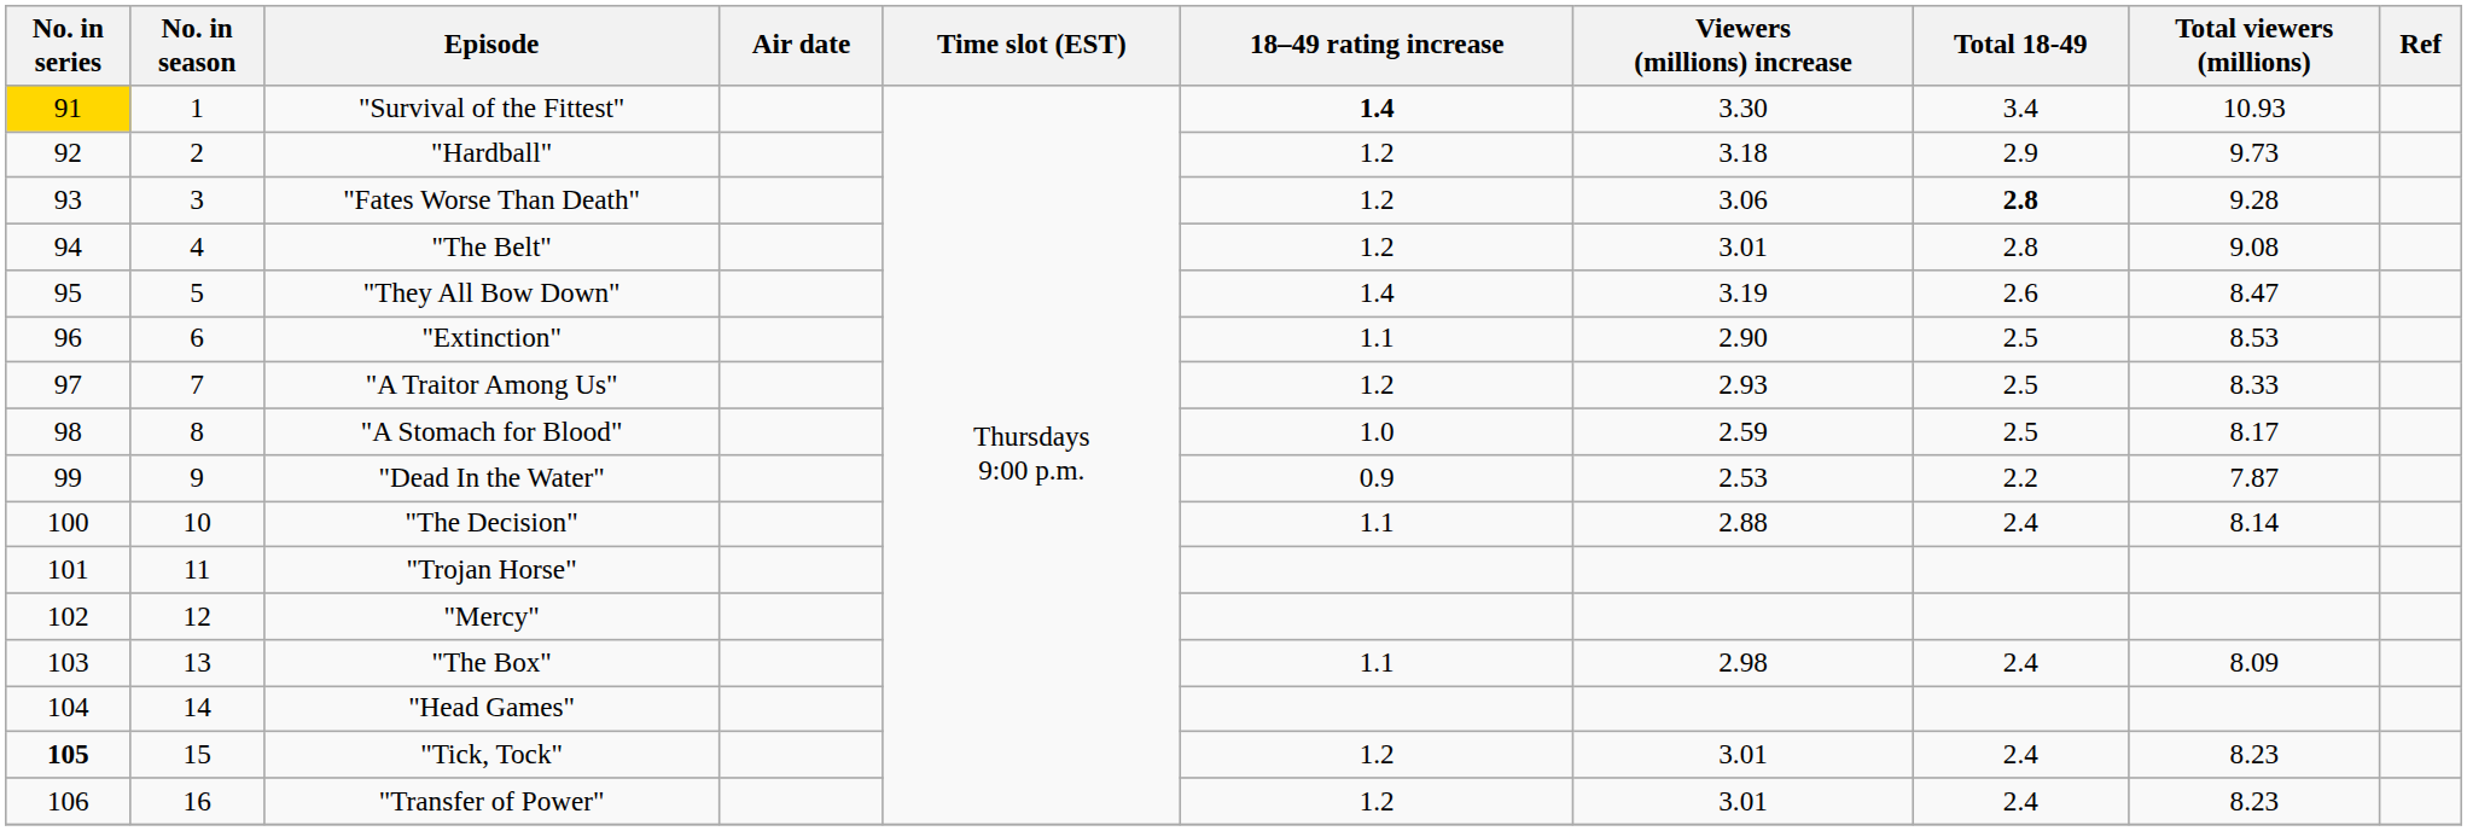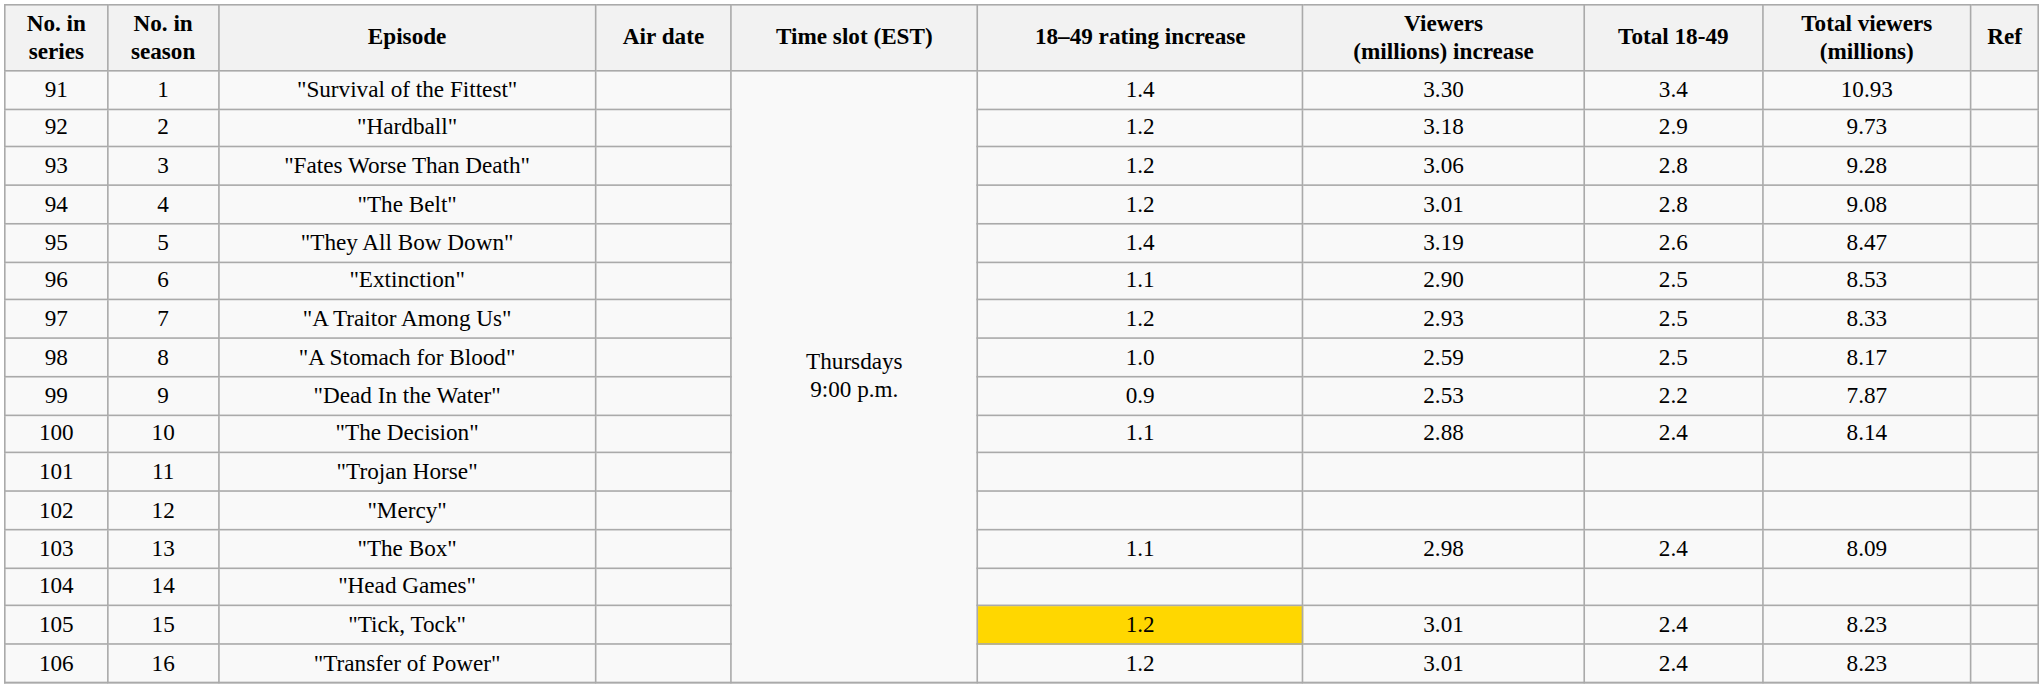 <table class="wikitable" style="font-size:90%; text-align:center; width: 100%; margin-left: auto; margin-right: auto;">
 <tr>
 <th>No. in<br>series</th>
 <th>No. in<br>season</th>
 <th>Episode</th>
 <th>Air date</th>
 <th>Time slot (EST)</th>
 <th>18–49 rating increase</th>
 <th>Viewers<br>(millions) increase</th>
 <th>Total 18-49</th>
 <th>Total viewers<br>(millions)</th>
 <th>Ref</th>
 </tr>
 <tr>
-<td style="background: gold; text-align:center">91</td>
+<td style="text-align:center">91</td>
 <td style="text-align:center">1</td>
 <td>"Survival of the Fittest"</td>
 <td></td>
 <td style="text-align:center" rowspan=16>Thursdays<br>9:00 p.m.</td>
-<td><strong>1.4</strong></td>
+<td>1.4</td>
 <td>3.30</td>
 <td>3.4</td>
 <td>10.93</td>
 <td></td>
 </tr>
 <tr>
 <td style="text-align:center">92</td>
 <td style="text-align:center">2</td>
 <td>"Hardball"</td>
 <td></td>
 <td>1.2</td>
 <td>3.18</td>
 <td>2.9</td>
 <td>9.73</td>
 <td></td>
 </tr>
 <tr>
 <td style="text-align:center">93</td>
 <td style="text-align:center">3</td>
 <td>"Fates Worse Than Death"</td>
 <td></td>
 <td>1.2</td>
 <td>3.06</td>
-<td><strong>2.8</strong></td>
+<td>2.8</td>
 <td>9.28</td>
 <td></td>
 </tr>
 <tr>
 <td style="text-align:center">94</td>
 <td style="text-align:center">4</td>
 <td>"The Belt"</td>
 <td></td>
 <td>1.2</td>
 <td>3.01</td>
 <td>2.8</td>
 <td>9.08</td>
 <td></td>
 </tr>
 <tr>
 <td style="text-align:center">95</td>
 <td style="text-align:center">5</td>
 <td>"They All Bow Down"</td>
 <td></td>
 <td>1.4</td>
 <td>3.19</td>
 <td>2.6</td>
 <td>8.47</td>
 <td></td>
 </tr>
 <tr>
 <td style="text-align:center">96</td>
 <td style="text-align:center">6</td>
 <td>"Extinction"</td>
 <td></td>
 <td>1.1</td>
 <td>2.90</td>
 <td>2.5</td>
 <td>8.53</td>
 <td></td>
 </tr>
 <tr>
 <td style="text-align:center">97</td>
 <td style="text-align:center">7</td>
 <td>"A Traitor Among Us"</td>
 <td></td>
 <td>1.2</td>
 <td>2.93</td>
 <td>2.5</td>
 <td>8.33</td>
 <td></td>
 </tr>
 <tr>
 <td style="text-align:center">98</td>
 <td style="text-align:center">8</td>
 <td>"A Stomach for Blood"</td>
 <td></td>
 <td>1.0</td>
 <td>2.59</td>
 <td>2.5</td>
 <td>8.17</td>
 <td></td>
 </tr>
 <tr>
 <td style="text-align:center">99</td>
 <td style="text-align:center">9</td>
 <td>"Dead In the Water"</td>
 <td></td>
 <td>0.9</td>
 <td>2.53</td>
 <td>2.2</td>
 <td>7.87</td>
 <td></td>
 </tr>
 <tr>
 <td style="text-align:center">100</td>
 <td style="text-align:center">10</td>
 <td>"The Decision"</td>
 <td></td>
 <td>1.1</td>
 <td>2.88</td>
 <td>2.4</td>
 <td>8.14</td>
 <td></td>
 </tr>
 <tr>
 <td style="text-align:center">101</td>
 <td style="text-align:center">11</td>
 <td>"Trojan Horse"</td>
 <td></td>
 <td></td>
 <td></td>
 <td></td>
 <td></td>
 <td></td>
 </tr>
 <tr>
 <td style="text-align:center">102</td>
 <td style="text-align:center">12</td>
 <td>"Mercy"</td>
 <td></td>
 <td></td>
 <td></td>
 <td></td>
 <td></td>
 <td></td>
 </tr>
 <tr>
 <td style="text-align:center">103</td>
 <td style="text-align:center">13</td>
 <td>"The Box"</td>
 <td></td>
 <td>1.1</td>
 <td>2.98</td>
 <td>2.4</td>
 <td>8.09</td>
 <td></td>
 </tr>
 <tr>
 <td style="text-align:center">104</td>
 <td style="text-align:center">14</td>
 <td>"Head Games"</td>
 <td></td>
 <td></td>
 <td></td>
 <td></td>
 <td></td>
 <td></td>
 </tr>
 <tr>
-<td style="text-align:center"><strong>105</strong></td>
+<td style="text-align:center">105</td>
 <td style="text-align:center">15</td>
 <td>"Tick, Tock"</td>
 <td></td>
-<td>1.2</td>
+<td style="background: gold;">1.2</td>
 <td>3.01</td>
 <td>2.4</td>
 <td>8.23</td>
 <td></td>
 </tr>
 <tr>
 <td style="text-align:center">106</td>
 <td style="text-align:center">16</td>
 <td>"Transfer of Power"</td>
 <td></td>
 <td>1.2</td>
 <td>3.01</td>
 <td>2.4</td>
 <td>8.23</td>
 <td></td>
 </tr>
 <tr>
 </tr>
 </table>
